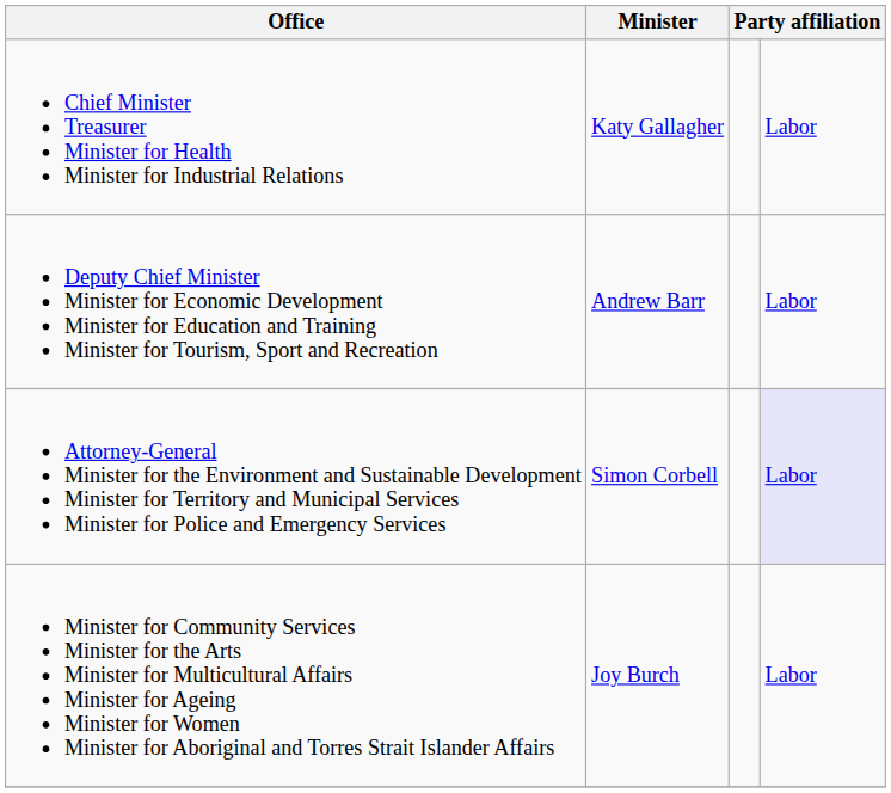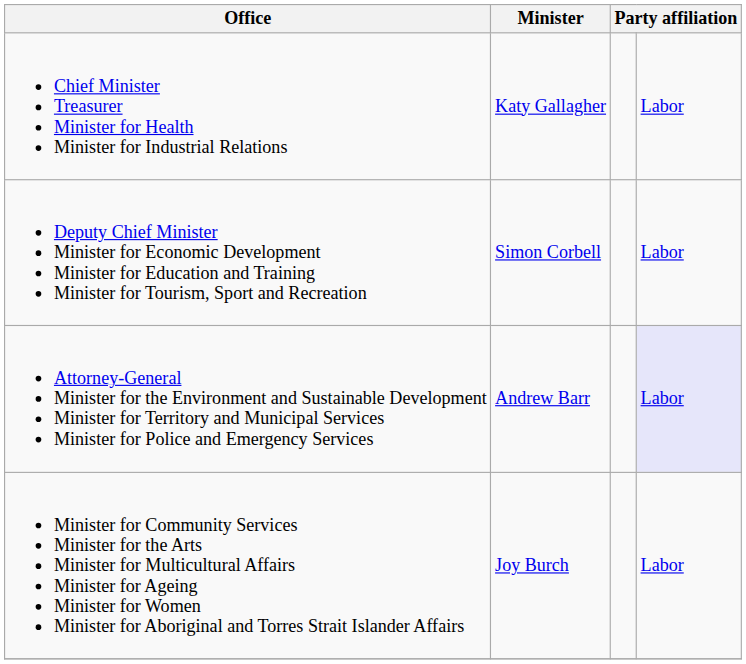 <table class="wikitable">
 <tr>
 <th>Office</th>
 <th>Minister</th>
 <th colspan=2>Party affiliation</th>
 </tr>
 <tr>
 <td><br><ul><li><a href='#'>Chief Minister</a></li><li><a href='#'>Treasurer</a></li><li><a href='#'>Minister for Health</a></li><li>Minister for Industrial Relations</li></ul></td>
 <td><a href='#'>Katy Gallagher</a></td>
 <td> </td>
 <td><a href='#'>Labor</a></td>
 </tr>
 <tr>
 <td><br><ul><li><a href='#'>Deputy Chief Minister</a></li><li>Minister for Economic Development</li><li>Minister for Education and Training</li><li>Minister for Tourism, Sport and Recreation</li></ul></td>
-<td><a href='#'>Andrew Barr</a></td>
+<td><a href='#'>Simon Corbell</a></td>
 <td> </td>
 <td><a href='#'>Labor</a></td>
 </tr>
 <tr>
 <td><br><ul><li><a href='#'>Attorney-General</a></li><li>Minister for the Environment and Sustainable Development</li><li>Minister for Territory and Municipal Services</li><li>Minister for Police and Emergency Services</li></ul></td>
-<td><a href='#'>Simon Corbell</a></td>
+<td><a href='#'>Andrew Barr</a></td>
 <td> </td>
 <td style="background: lavender;"><a href='#'>Labor</a></td>
 </tr>
 <tr>
 <td><br><ul><li>Minister for Community Services</li><li>Minister for the Arts</li><li>Minister for Multicultural Affairs</li><li>Minister for Ageing</li><li>Minister for Women</li><li>Minister for Aboriginal and Torres Strait Islander Affairs</li></ul></td>
 <td><a href='#'>Joy Burch</a></td>
 <td> </td>
 <td><a href='#'>Labor</a></td>
 </tr>
 <tr>
 </tr>
 </table>
